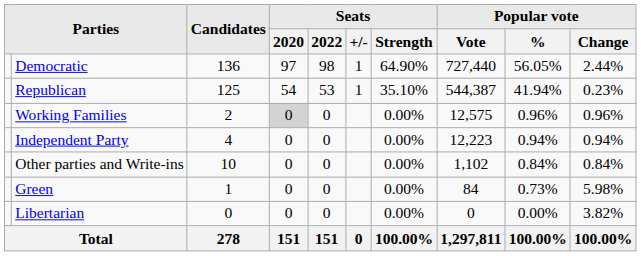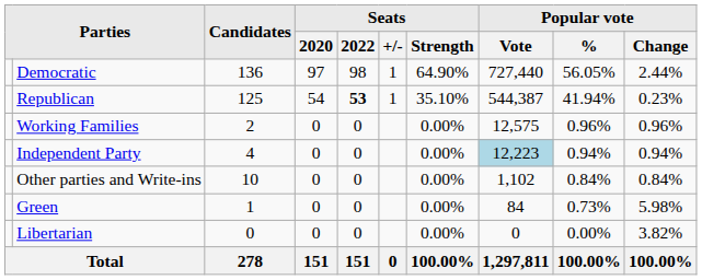 <table class="wikitable">
 <tr>
 <th style="background-color:#E9E9E9" align=center rowspan= 2 colspan=2>Parties</th>
 <th style="background-color:#E9E9E9" align=center rowspan= 2>Candidates</th>
 <th style="background-color:#E9E9E9" align=center colspan=4>Seats</th>
 <th style="background-color:#E9E9E9" align=center colspan=3>Popular vote</th>
 </tr>
 <tr>
 <th align=center>2020</th>
 <th align=center>2022</th>
 <th align=center>+/-</th>
 <th align=center>Strength</th>
 <th align=center>Vote</th>
 <th align=center>%</th>
 <th align=center>Change</th>
 </tr>
 <tr>
 <td></td>
 <td><a href='#'>Democratic</a></td>
 <td align=center >136</td>
 <td align=center >97</td>
 <td align=center >98</td>
 <td align=center >1</td>
 <td align=center >64.90%</td>
 <td align=center >727,440</td>
 <td align=center >56.05%</td>
 <td align=center >2.44%</td>
 </tr>
 <tr>
 <td></td>
 <td align=left><a href='#'>Republican</a></td>
 <td align=center>125</td>
 <td align=center>54</td>
-<td align=center>53</td>
+<td align=center><strong>53</strong></td>
 <td align=center>1</td>
 <td align=center>35.10%</td>
 <td align=center>544,387</td>
 <td align=center>41.94%</td>
 <td align=center>0.23%</td>
 </tr>
 <tr>
 <td></td>
 <td align=left><a href='#'>Working Families</a></td>
 <td align=center>2</td>
-<td align=center style="background: lightgrey;">0</td>
+<td align=center>0</td>
 <td align=center>0</td>
 <td align=center></td>
 <td align=center>0.00%</td>
 <td align=center>12,575</td>
 <td align=center>0.96%</td>
 <td align=center>0.96%</td>
 </tr>
 <tr>
 <td></td>
 <td align="left"><a href='#'>Independent Party</a></td>
 <td align="center">4</td>
 <td align="center">0</td>
 <td align="center">0</td>
 <td align="center"></td>
 <td align="center">0.00%</td>
-<td align="center">12,223</td>
+<td align="center" style="background: lightblue;">12,223</td>
 <td align="center">0.94%</td>
 <td align="center">0.94%</td>
 </tr>
 <tr>
 <td></td>
 <td align="left">Other parties and Write-ins</td>
 <td align="center">10</td>
 <td align="center">0</td>
 <td align="center">0</td>
 <td align="center"></td>
 <td align="center">0.00%</td>
 <td align="center">1,102</td>
 <td align="center">0.84%</td>
 <td align="center">0.84%</td>
 </tr>
 <tr>
 <td></td>
 <td align=left><a href='#'>Green</a></td>
 <td align=center>1</td>
 <td align=center>0</td>
 <td align=center>0</td>
 <td align=center></td>
 <td align=center>0.00%</td>
 <td align=center>84</td>
 <td align=center>0.73%</td>
 <td align=center>5.98%</td>
 </tr>
 <tr>
 <td></td>
 <td align=left><a href='#'>Libertarian</a></td>
 <td align=center>0</td>
 <td align=center>0</td>
 <td align=center>0</td>
 <td align=center></td>
 <td align=center>0.00%</td>
 <td align=center>0</td>
 <td align=center>0.00%</td>
 <td align=center>3.82%</td>
 </tr>
 <tr>
 <th colspan="2">Total</th>
 <th>278</th>
 <th>151</th>
 <th>151</th>
 <th>0</th>
 <th>100.00%</th>
 <th>1,297,811</th>
 <th>100.00%</th>
 <th>100.00%</th>
 </tr>
 </table>
